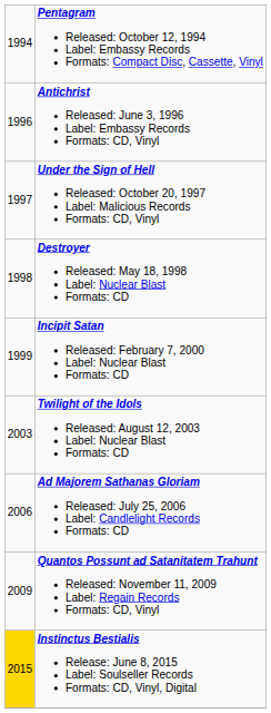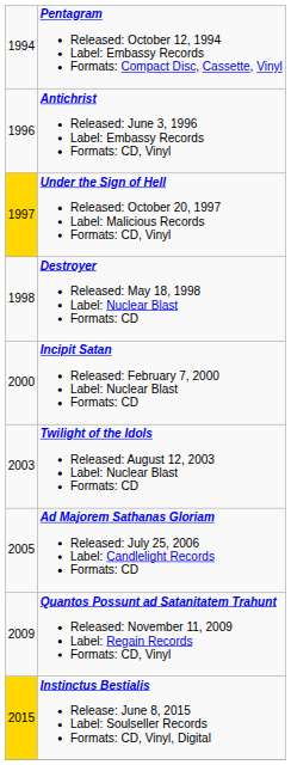 <table class="wikitable">
 <tr>
 <td>1994</td>
 <td><strong><em><a href='#'>Pentagram</a></em></strong><br><ul><li>Released: October 12, 1994</li><li>Label: Embassy Records</li><li>Formats: <a href='#'>Compact Disc</a>, <a href='#'>Cassette</a>, <a href='#'>Vinyl</a></li></ul></td>
 </tr>
 <tr>
 <td>1996</td>
 <td><strong><em><a href='#'>Antichrist</a></em></strong><br><ul><li>Released: June 3, 1996</li><li>Label: Embassy Records</li><li>Formats: CD, Vinyl</li></ul></td>
 </tr>
 <tr>
-<td>1997</td>
+<td style="background: gold;">1997</td>
 <td><strong><em><a href='#'>Under the Sign of Hell</a></em></strong><br><ul><li>Released: October 20, 1997</li><li>Label: Malicious Records</li><li>Formats: CD, Vinyl</li></ul></td>
 </tr>
 <tr>
 <td>1998</td>
 <td><strong><em><a href='#'>Destroyer</a></em></strong><br><ul><li>Released: May 18, 1998</li><li>Label: <a href='#'>Nuclear Blast</a></li><li>Formats: CD</li></ul></td>
 </tr>
 <tr>
-<td>1999</td>
+<td>2000</td>
 <td><strong><em><a href='#'>Incipit Satan</a></em></strong><br><ul><li>Released: February 7, 2000</li><li>Label: Nuclear Blast</li><li>Formats: CD</li></ul></td>
 </tr>
 <tr>
 <td>2003</td>
 <td><strong><em><a href='#'>Twilight of the Idols</a></em></strong><br><ul><li>Released: August 12, 2003</li><li>Label: Nuclear Blast</li><li>Formats: CD</li></ul></td>
 </tr>
 <tr>
-<td>2006</td>
+<td>2005</td>
 <td><strong><em><a href='#'>Ad Majorem Sathanas Gloriam</a></em></strong><br><ul><li>Released: July 25, 2006</li><li>Label: <a href='#'>Candlelight Records</a></li><li>Formats: CD</li></ul></td>
 </tr>
 <tr>
 <td>2009</td>
 <td><strong><em><a href='#'>Quantos Possunt ad Satanitatem Trahunt</a></em></strong><br><ul><li>Released: November 11, 2009</li><li>Label: <a href='#'>Regain Records</a></li><li>Formats: CD, Vinyl</li></ul></td>
 </tr>
 <tr>
 <td style="background: gold;">2015</td>
 <td><strong><em><a href='#'>Instinctus Bestialis</a></em></strong><br><ul><li>Release: June 8, 2015</li><li>Label: Soulseller Records</li><li>Formats: CD, Vinyl, Digital</li></ul></td>
 </tr>
 <tr>
 </tr>
 </table>
